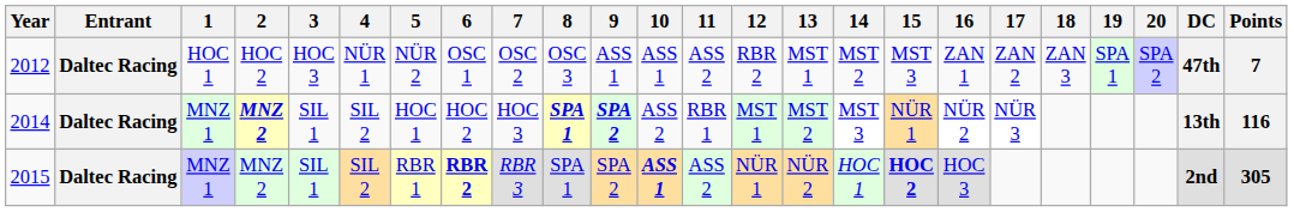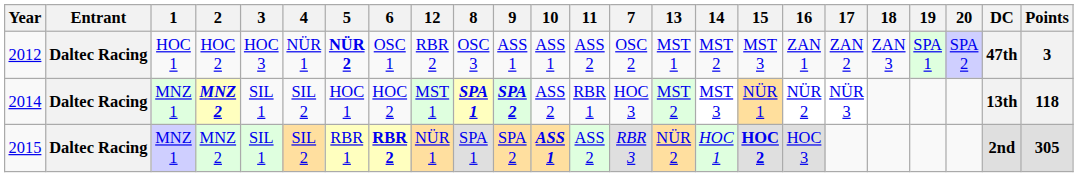 <table class="wikitable" style="text-align:center; font-size:85%">
 <tr>
 <th>Year</th>
 <th>Entrant</th>
 <th>1</th>
 <th>2</th>
 <th>3</th>
 <th>4</th>
 <th>5</th>
 <th>6</th>
-<th>7</th>
+<th>12</th>
 <th>8</th>
 <th>9</th>
 <th>10</th>
 <th>11</th>
-<th>12</th>
+<th>7</th>
 <th>13</th>
 <th>14</th>
 <th>15</th>
 <th>16</th>
 <th>17</th>
 <th>18</th>
 <th>19</th>
 <th>20</th>
 <th>DC</th>
 <th>Points</th>
 </tr>
 <tr>
 <td><a href='#'>2012</a></td>
 <th>Daltec Racing</th>
 <td style="background:#;"><a href='#'>HOC<br>1</a><br></td>
 <td style="background:#;"><a href='#'>HOC<br>2</a><br></td>
 <td style="background:#;"><a href='#'>HOC<br>3</a><br></td>
 <td style="background:#;"><a href='#'>NÜR<br>1</a><br></td>
-<td style="background:#;"><a href='#'>NÜR<br>2</a><br></td>
+<td style="background:#;"><strong><a href='#'>NÜR<br>2</a><br></strong></td>
 <td style="background:#;"><a href='#'>OSC<br>1</a><br></td>
-<td style="background:#;"><a href='#'>OSC<br>2</a><br></td>
+<td style="background:#;"><a href='#'>RBR<br>2</a><br></td>
 <td style="background:#;"><a href='#'>OSC<br>3</a><br></td>
 <td style="background:#;"><a href='#'>ASS<br>1</a><br></td>
 <td style="background:#;"><a href='#'>ASS<br>1</a><br></td>
 <td style="background:#;"><a href='#'>ASS<br>2</a><br></td>
-<td style="background:#;"><a href='#'>RBR<br>2</a><br></td>
+<td style="background:#;"><a href='#'>OSC<br>2</a><br></td>
 <td style="background:#;"><a href='#'>MST<br>1</a><br></td>
 <td style="background:#;"><a href='#'>MST<br>2</a><br></td>
 <td style="background:#;"><a href='#'>MST<br>3</a><br></td>
 <td style="background:#;"><a href='#'>ZAN<br>1</a><br></td>
 <td style="background:#;"><a href='#'>ZAN<br>2</a><br></td>
 <td style="background:#;"><a href='#'>ZAN<br>3</a><br></td>
 <td style="background:#dfffdf;"><a href='#'>SPA<br>1</a><br></td>
 <td style="background:#cfcfff;"><a href='#'>SPA<br>2</a><br></td>
 <th>47th</th>
-<th>7</th>
+<th>3</th>
 </tr>
 <tr>
 <td><a href='#'>2014</a></td>
 <th>Daltec Racing</th>
 <td style="background:#dfffdf;"><a href='#'>MNZ<br>1</a><br></td>
 <td style="background:#ffffbf;"><strong><em><a href='#'>MNZ<br>2</a></em></strong><br></td>
 <td style="background:#;"><a href='#'>SIL<br>1</a><br></td>
 <td style="background:#;"><a href='#'>SIL<br>2</a><br></td>
 <td style="background:#;"><a href='#'>HOC<br>1</a><br></td>
 <td style="background:#;"><a href='#'>HOC<br>2</a><br></td>
-<td style="background:#;"><a href='#'>HOC<br>3</a><br></td>
+<td style="background:#dfffdf;"><a href='#'>MST<br>1</a><br></td>
 <td style="background:#ffffbf;"><strong><em><a href='#'>SPA<br>1</a></em></strong><br></td>
 <td style="background:#dfffdf;"><strong><em><a href='#'>SPA<br>2</a></em></strong><br></td>
 <td style="background:#;"><a href='#'>ASS<br>2</a><br></td>
 <td style="background:#;"><a href='#'>RBR<br>1</a><br></td>
-<td style="background:#dfffdf;"><a href='#'>MST<br>1</a><br></td>
+<td style="background:#;"><a href='#'>HOC<br>3</a><br></td>
 <td style="background:#dfffdf;"><a href='#'>MST<br>2</a><br></td>
 <td style="background:#FFFFFF;"><a href='#'>MST<br>3</a><br></td>
 <td style="background:#ffdf9d;"><a href='#'>NÜR<br>1</a><br></td>
 <td style="background:#ffffff;"><a href='#'>NÜR<br>2</a><br></td>
 <td style="background:#FFFFFF;"><a href='#'>NÜR<br>3</a><br></td>
 <td></td>
 <td></td>
 <td></td>
 <th>13th</th>
-<th>116</th>
+<th>118</th>
 </tr>
 <tr>
 <td><a href='#'>2015</a></td>
 <th>Daltec Racing</th>
 <td style="background:#cfcfff;"><a href='#'>MNZ<br>1</a><br></td>
 <td style="background:#dfffdf;"><a href='#'>MNZ<br>2</a><br></td>
 <td style="background:#dfffdf;"><a href='#'>SIL<br>1</a><br></td>
 <td style="background:#ffdf9f;"><a href='#'>SIL<br>2</a><br></td>
 <td style="background:#ffffbf;"><a href='#'>RBR<br>1</a><br></td>
 <td style="background:#ffffbf;"><strong><a href='#'>RBR<br>2</a></strong><br></td>
-<td style="background:#dfdfdf;"><em><a href='#'>RBR<br>3</a></em><br></td>
+<td style="background:#ffdf9f;"><a href='#'>NÜR<br>1</a><br></td>
 <td style="background:#dfdfdf;"><a href='#'>SPA<br>1</a><br></td>
 <td style="background:#ffdf9f;"><a href='#'>SPA<br>2</a><br></td>
 <td style="background:#ffdf9f;"><strong><em><a href='#'>ASS<br>1</a></em></strong><br></td>
 <td style="background:#dfffdf;"><a href='#'>ASS<br>2</a><br></td>
-<td style="background:#ffdf9f;"><a href='#'>NÜR<br>1</a><br></td>
+<td style="background:#dfdfdf;"><em><a href='#'>RBR<br>3</a></em><br></td>
 <td style="background:#ffdf9f;"><a href='#'>NÜR<br>2</a><br></td>
 <td style="background:#dfffdf;"><em><a href='#'>HOC<br>1</a></em><br></td>
 <td style="background:#dfdfdf;"><strong><a href='#'>HOC<br>2</a><br></strong></td>
 <td style="background:#dfdfdf;"><a href='#'>HOC<br>3</a><br></td>
 <td></td>
 <td></td>
 <td></td>
 <td></td>
 <th style="background:#dfdfdf;">2nd</th>
 <th style="background:#dfdfdf;">305</th>
 </tr>
 </table>
